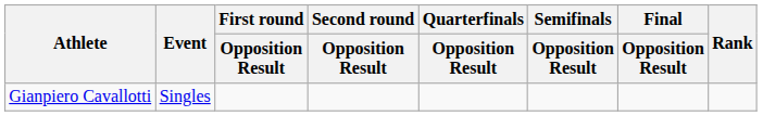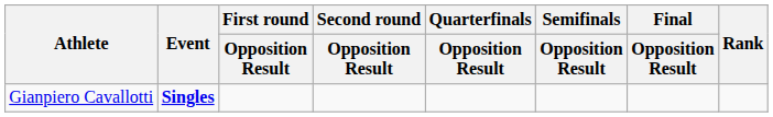 <table class="wikitable" style="font-size:90%">
 <tr>
 <th rowspan="2">Athlete</th>
 <th rowspan="2">Event</th>
 <th>First round</th>
 <th>Second round</th>
 <th>Quarterfinals</th>
 <th>Semifinals</th>
 <th>Final</th>
 <th rowspan="2">Rank</th>
 </tr>
 <tr>
 <th>Opposition<br>Result</th>
 <th>Opposition<br>Result</th>
 <th>Opposition<br>Result</th>
 <th>Opposition<br>Result</th>
 <th>Opposition<br>Result</th>
 </tr>
 <tr>
 <td><a href='#'>Gianpiero Cavallotti</a></td>
-<td><a href='#'>Singles</a></td>
+<td><strong><a href='#'>Singles</a></strong></td>
 <td></td>
 <td></td>
 <td></td>
 <td></td>
 <td></td>
 <td></td>
 </tr>
 </table>
